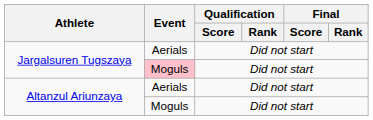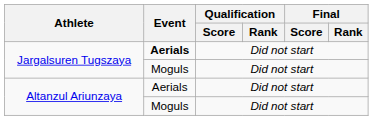 <table class="wikitable" style="font-size:90%; text-align:center; width:450px">
 <tr>
 <th rowspan="2">Athlete</th>
 <th rowspan="2">Event</th>
 <th colspan="2">Qualification</th>
 <th colspan="2">Final</th>
 </tr>
 <tr>
 <th>Score</th>
 <th>Rank</th>
 <th>Score</th>
 <th>Rank</th>
 </tr>
 <tr>
 <td rowspan="2"><a href='#'>Jargalsuren Tugszaya</a></td>
-<td>Aerials</td>
+<td><strong>Aerials</strong></td>
 <td colspan="4"><em>Did not start</em></td>
 </tr>
 <tr>
-<td style="background: pink;">Moguls</td>
+<td>Moguls</td>
 <td colspan="4"><em>Did not start</em></td>
 </tr>
 <tr>
 <td rowspan="2"><a href='#'>Altanzul Ariunzaya</a></td>
 <td>Aerials</td>
 <td colspan="4"><em>Did not start</em></td>
 </tr>
 <tr>
 <td>Moguls</td>
 <td colspan="4"><em>Did not start</em></td>
 </tr>
 </table>
